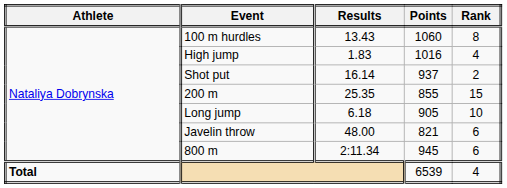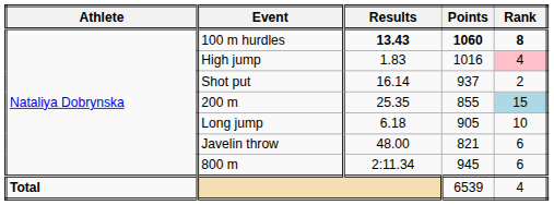 <table class=wikitable style="font-size:90%; border: double;">
 <tr>
 <th style="border-right:double" width=200>Athlete</th>
 <th style="border-right:double" width=150>Event</th>
 <th width=100>Results</th>
 <th width=50>Points</th>
 <th width=50>Rank</th>
 </tr>
 <tr style="border-top: double;">
 <td style="border-right:double" rowspan="7"><a href='#'>Nataliya Dobrynska</a></td>
 <td style="border-right:double">100 m hurdles</td>
-<td align=center>13.43 </td>
-<td align=center>1060</td>
-<td align=center>8</td>
+<td align=center><strong>13.43 </strong></td>
+<td align=center><strong>1060</strong></td>
+<td align=center><strong>8</strong></td>
 </tr>
 <tr>
 <td style="border-right:double">High jump</td>
 <td align=center>1.83 </td>
 <td align=center>1016</td>
-<td align=center>4</td>
+<td align=center style="background: pink;">4</td>
 </tr>
 <tr>
 <td style="border-right:double">Shot put</td>
 <td align=center>16.14 </td>
 <td align=center>937</td>
 <td align=center>2</td>
 </tr>
 <tr>
 <td style="border-right:double">200 m</td>
 <td align=center>25.35</td>
 <td align=center>855</td>
-<td align=center>15</td>
+<td align=center style="background: lightblue;">15</td>
 </tr>
 <tr>
 <td style="border-right:double">Long jump</td>
 <td align=center>6.18</td>
 <td align=center>905</td>
 <td align=center>10</td>
 </tr>
 <tr>
 <td style="border-right:double">Javelin throw</td>
 <td align=center>48.00 </td>
 <td align=center>821</td>
 <td align=center>6</td>
 </tr>
 <tr>
 <td style="border-right:double">800 m</td>
 <td align=center>2:11.34 </td>
 <td align=center>945</td>
 <td align=center>6</td>
 </tr>
 <tr style="border-top:double;">
 <td style="border-right:double"><strong>Total</strong></td>
 <td colspan="2" style="background:wheat; border-right:double;"></td>
 <td align=center>6539 </td>
 <td align=center>4</td>
 </tr>
 </table>
